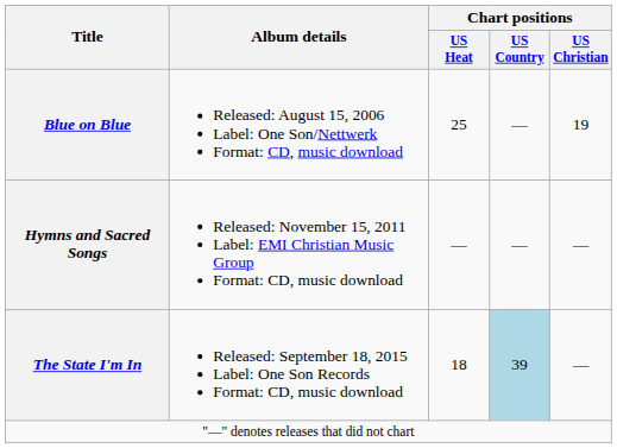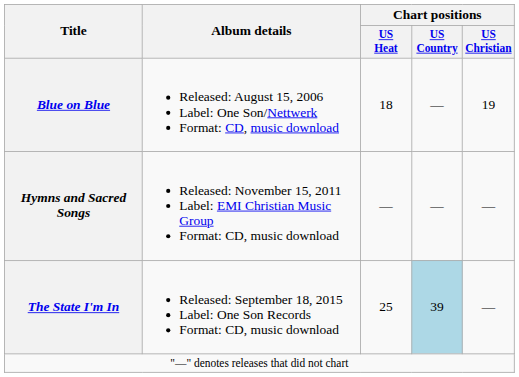 <table class="wikitable plainrowheaders">
 <tr>
 <th rowspan="2">Title</th>
 <th rowspan="2">Album details</th>
 <th colspan="3">Chart positions</th>
 </tr>
 <tr>
 <th style="width:4em;font-size:85%"><a href='#'>US<br>Heat</a></th>
 <th style="width:4em;font-size:85%"><a href='#'>US<br>Country</a></th>
 <th style="width:4em;font-size:85%"><a href='#'>US<br>Christian</a></th>
 </tr>
 <tr>
 <th scope="row"><em><a href='#'>Blue on Blue</a></em></th>
 <td><br><ul><li>Released: August 15, 2006</li><li>Label: One Son/<a href='#'>Nettwerk</a></li><li>Format: <a href='#'>CD</a>, <a href='#'>music download</a></li></ul></td>
-<td align="center">25</td>
+<td align="center">18</td>
 <td align="center">—</td>
 <td align="center">19</td>
 </tr>
 <tr>
 <th scope="row"><em>Hymns and Sacred Songs</em></th>
 <td><br><ul><li>Released: November 15, 2011</li><li>Label: <a href='#'>EMI Christian Music Group</a></li><li>Format: CD, music download</li></ul></td>
 <td align="center">—</td>
 <td align="center">—</td>
 <td align="center">—</td>
 </tr>
 <tr>
 <th scope="row"><em><a href='#'>The State I'm In</a></em></th>
 <td><br><ul><li>Released: September 18, 2015</li><li>Label: One Son Records</li><li>Format: CD, music download</li></ul></td>
-<td align="center">18</td>
+<td align="center">25</td>
 <td align="center" style="background: lightblue;">39</td>
 <td align="center">—</td>
 </tr>
 <tr>
 <td colspan="6" style="font-size:85%" align="center">"—" denotes releases that did not chart</td>
 </tr>
 </table>
